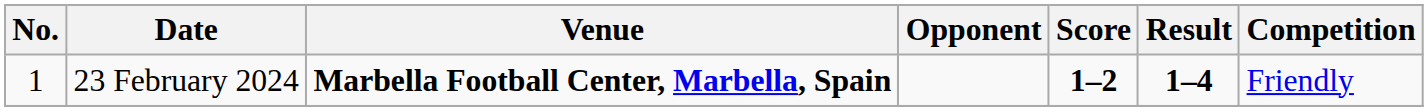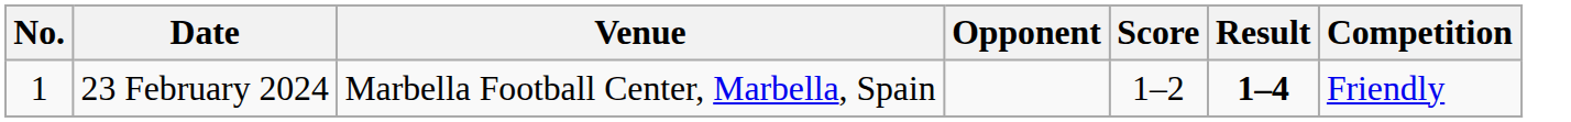 <table class="wikitable sortable">
 <tr>
 <th>No.</th>
 <th>Date</th>
 <th>Venue</th>
 <th>Opponent</th>
 <th>Score</th>
 <th>Result</th>
 <th>Competition</th>
 </tr>
 <tr>
 <td align=center>1</td>
 <td>23 February 2024</td>
-<td><strong>Marbella Football Center, <a href='#'>Marbella</a>, Spain</strong></td>
+<td>Marbella Football Center, <a href='#'>Marbella</a>, Spain</td>
 <td></td>
-<td align=center><strong>1–2</strong></td>
+<td align=center>1–2</td>
 <td align=center><strong>1–4</strong></td>
 <td><a href='#'>Friendly</a></td>
 </tr>
 <tr>
 </tr>
 </table>
